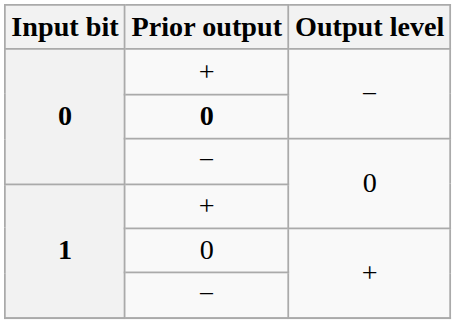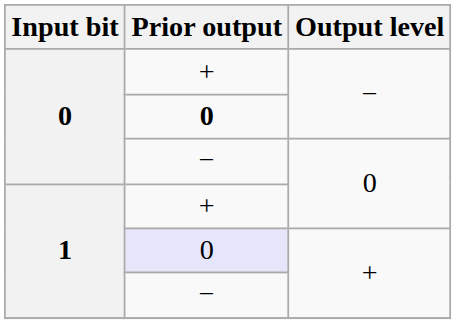 <table class=wikitable style="text-align:center;">
 <tr>
 <th>Input bit</th>
 <th>Prior output</th>
 <th>Output level</th>
 </tr>
 <tr>
 <th rowspan=3>0</th>
 <td>+</td>
 <td rowspan=2>−</td>
 </tr>
 <tr>
 <td><strong>0</strong></td>
 </tr>
 <tr>
 <td>−</td>
 <td rowspan=2>0</td>
 </tr>
 <tr>
 <th rowspan=3>1</th>
 <td>+</td>
 </tr>
 <tr>
-<td>0</td>
+<td style="background: lavender;">0</td>
 <td rowspan=2>+</td>
 </tr>
 <tr>
 <td>−</td>
 </tr>
 <tr>
 </tr>
 </table>
